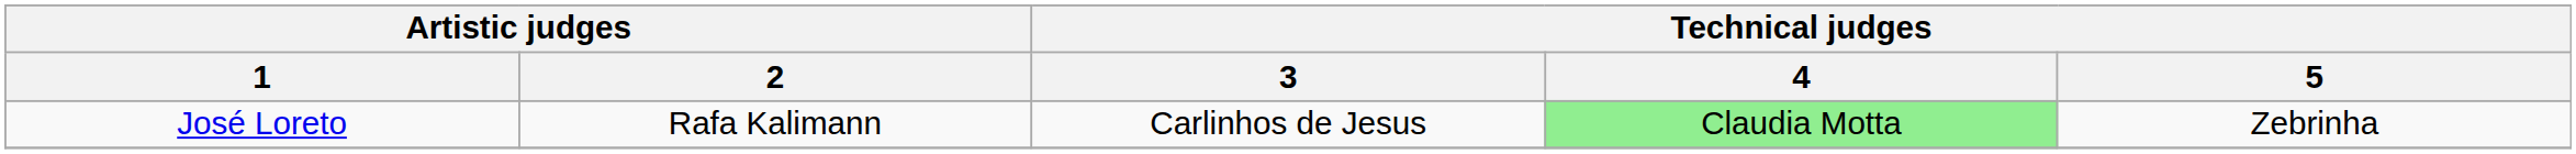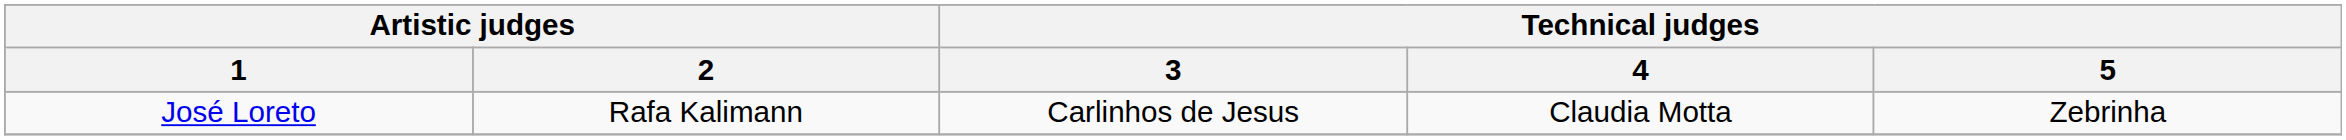 <table class="wikitable" style="font-size:100%; line-height:16px; text-align:center" width="100%">
 <tr>
 <th colspan=2>Artistic judges</th>
 <th colspan=3>Technical judges</th>
 </tr>
 <tr>
 <th width="20.0%">1</th>
 <th width="20.0%">2</th>
 <th width="20.0%">3</th>
 <th width="20.0%">4</th>
 <th width="20.0%">5</th>
 </tr>
 <tr>
 <td><a href='#'>José Loreto</a></td>
 <td>Rafa Kalimann</td>
 <td>Carlinhos de Jesus</td>
-<td style="background: lightgreen;">Claudia Motta</td>
+<td>Claudia Motta</td>
 <td>Zebrinha</td>
 </tr>
 <tr>
 </tr>
 </table>
